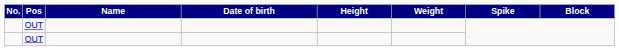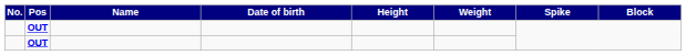 <table class="wikitable sortable" style="font-size:90%; text-align:center;">
 <tr>
 <th style="background:navy; color:white;">No.</th>
 <th style="background:navy; color:white;">Pos</th>
 <th style="width:15em; background:navy; color:white;">Name</th>
 <th style="width:15em; background:navy; color:white;">Date of birth</th>
 <th style="width:8em; background:navy; color:white;">Height</th>
 <th style="width:8em; background:navy; color:white;">Weight</th>
 <th style="width:8em; background:navy; color:white;">Spike</th>
 <th style="width:8em; background:navy; color:white;">Block</th>
 </tr>
 <tr>
 <td></td>
-<td><a href='#'>OUT</a></td>
+<td><strong><a href='#'>OUT</a></strong></td>
 <td align=left></td>
 <td align=right></td>
 <td></td>
 <td></td>
 </tr>
 <tr>
 <td></td>
-<td><a href='#'>OUT</a></td>
+<td><strong><a href='#'>OUT</a></strong></td>
 <td align=left></td>
 <td align=right></td>
 <td></td>
 <td></td>
 </tr>
 </table>
